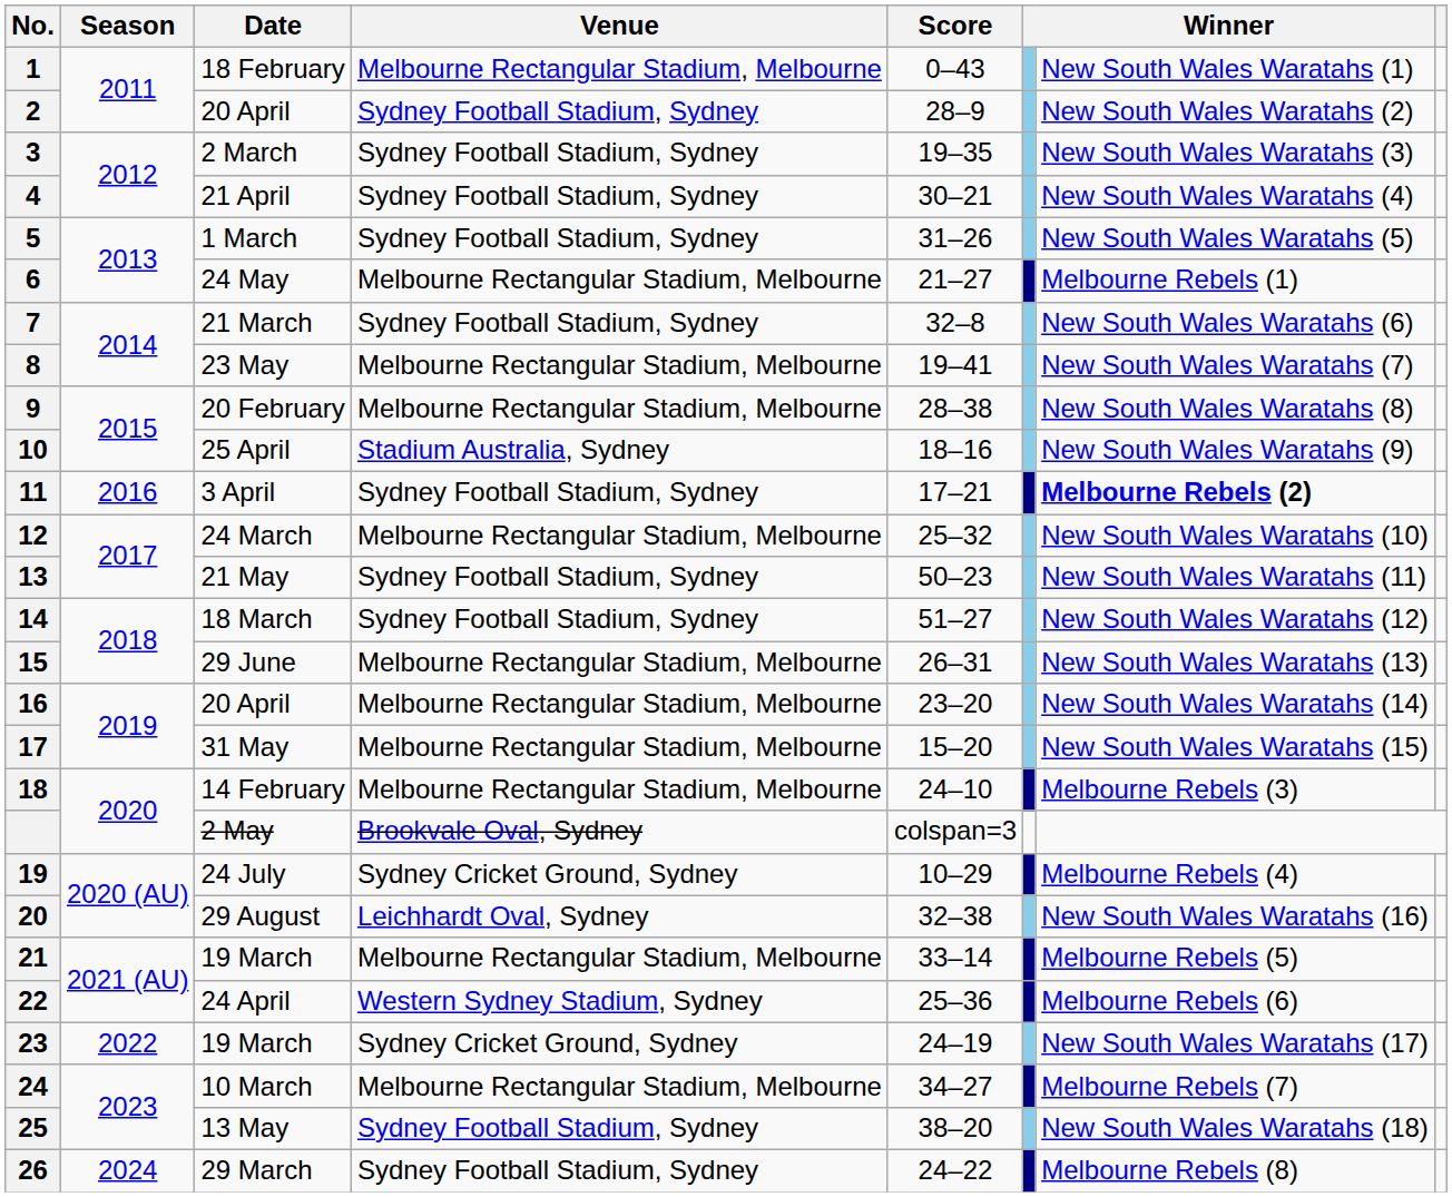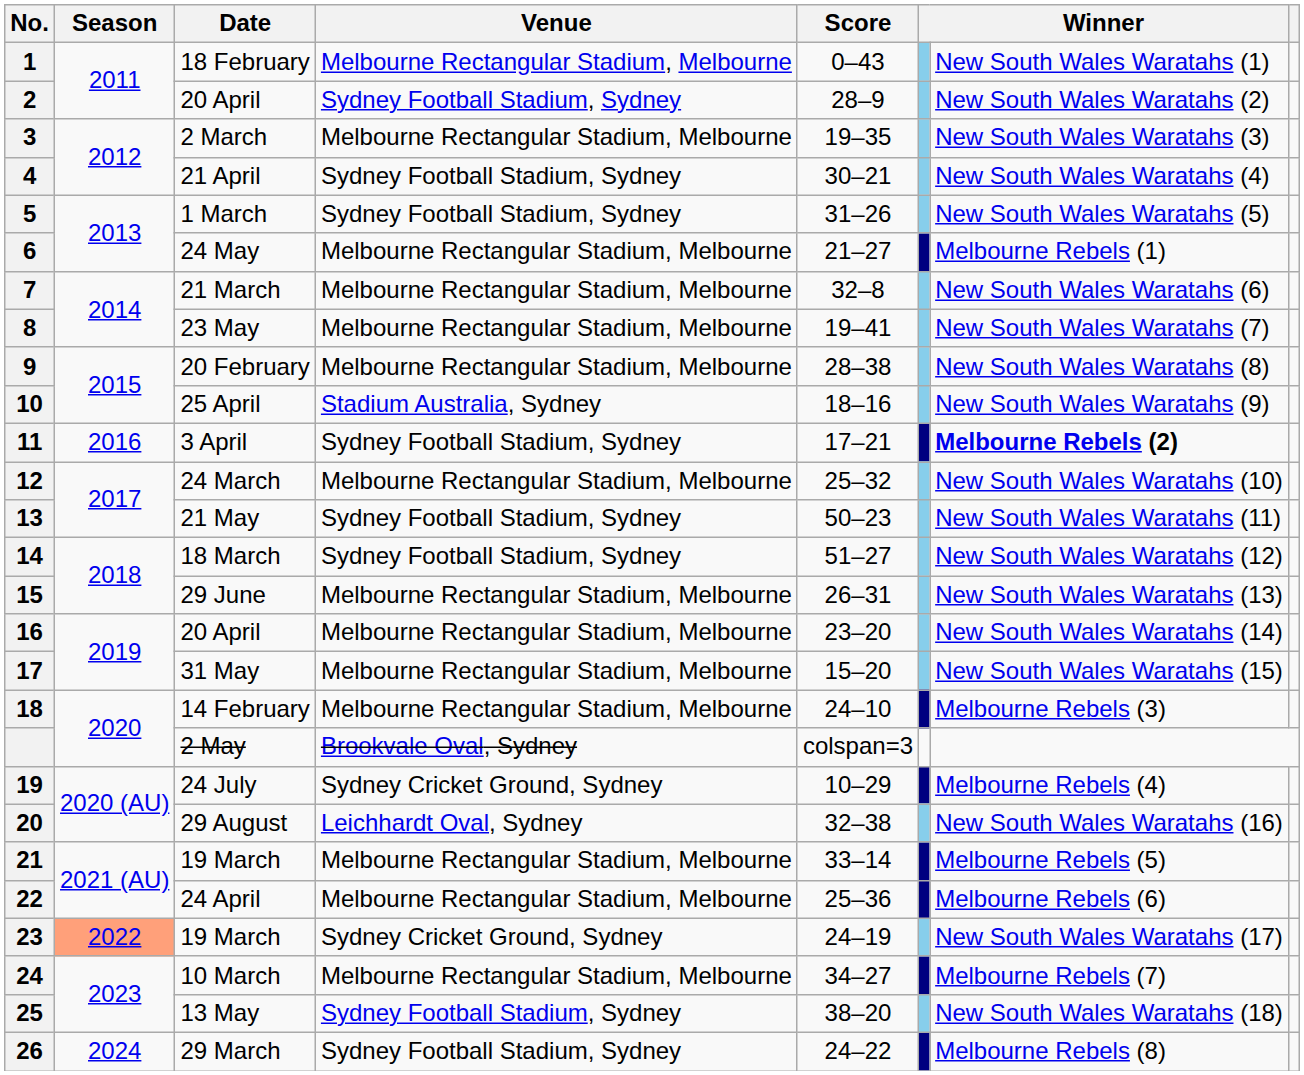 <table class="wikitable">
 <tr>
 <th>No.</th>
 <th>Season</th>
 <th>Date</th>
 <th>Venue</th>
 <th>Score</th>
 <th colspan=2>Winner</th>
 <th></th>
 </tr>
 <tr>
 <th>1</th>
 <td rowspan=2 align=center><a href='#'>2011</a></td>
 <td>18 February</td>
 <td><a href='#'>Melbourne Rectangular Stadium</a>, <a href='#'>Melbourne</a></td>
 <td align=center>0–43</td>
 <td bgcolor=#87CEEB></td>
 <td> <a href='#'>New South Wales Waratahs</a> (1)</td>
 <td align=center></td>
 </tr>
 <tr>
 <th>2</th>
 <td>20 April</td>
 <td><a href='#'>Sydney Football Stadium</a>, <a href='#'>Sydney</a></td>
 <td align=center>28–9</td>
 <td bgcolor=#87CEEB></td>
 <td> <a href='#'>New South Wales Waratahs</a> (2)</td>
 <td align=center></td>
 </tr>
 <tr>
 <th>3</th>
 <td rowspan=2 align=center><a href='#'>2012</a></td>
 <td>2 March</td>
-<td>Sydney Football Stadium, Sydney</td>
+<td>Melbourne Rectangular Stadium, Melbourne</td>
 <td align=center>19–35</td>
 <td bgcolor=#87CEEB></td>
 <td> <a href='#'>New South Wales Waratahs</a> (3)</td>
 <td align=center></td>
 </tr>
 <tr>
 <th>4</th>
 <td>21 April</td>
 <td>Sydney Football Stadium, Sydney</td>
 <td align=center>30–21</td>
 <td bgcolor=#87CEEB></td>
 <td> <a href='#'>New South Wales Waratahs</a> (4)</td>
 <td align=center></td>
 </tr>
 <tr>
 <th>5</th>
 <td rowspan=2 align=center><a href='#'>2013</a></td>
 <td>1 March</td>
 <td>Sydney Football Stadium, Sydney</td>
 <td align=center>31–26</td>
 <td bgcolor=#87CEEB></td>
 <td> <a href='#'>New South Wales Waratahs</a> (5)</td>
 <td align=center></td>
 </tr>
 <tr>
 <th>6</th>
 <td>24 May</td>
 <td>Melbourne Rectangular Stadium, Melbourne</td>
 <td align=center>21–27</td>
 <td bgcolor=#000080></td>
 <td> <a href='#'>Melbourne Rebels</a> (1)</td>
 <td align=center></td>
 </tr>
 <tr>
 <th>7</th>
 <td rowspan=2 align=center><a href='#'>2014</a></td>
 <td>21 March</td>
-<td>Sydney Football Stadium, Sydney</td>
+<td>Melbourne Rectangular Stadium, Melbourne</td>
 <td align=center>32–8</td>
 <td bgcolor=#87CEEB></td>
 <td> <a href='#'>New South Wales Waratahs</a> (6)</td>
 <td align=center></td>
 </tr>
 <tr>
 <th>8</th>
 <td>23 May</td>
 <td>Melbourne Rectangular Stadium, Melbourne</td>
 <td align=center>19–41</td>
 <td bgcolor=#87CEEB></td>
 <td> <a href='#'>New South Wales Waratahs</a> (7)</td>
 <td align=center></td>
 </tr>
 <tr>
 <th>9</th>
 <td rowspan=2 align=center><a href='#'>2015</a></td>
 <td>20 February</td>
 <td>Melbourne Rectangular Stadium, Melbourne</td>
 <td align=center>28–38</td>
 <td bgcolor=#87CEEB></td>
 <td> <a href='#'>New South Wales Waratahs</a> (8)</td>
 <td align=center></td>
 </tr>
 <tr>
 <th>10</th>
 <td>25 April</td>
 <td><a href='#'>Stadium Australia</a>, Sydney</td>
 <td align=center>18–16</td>
 <td bgcolor=#87CEEB></td>
 <td> <a href='#'>New South Wales Waratahs</a> (9)</td>
 <td align=center></td>
 </tr>
 <tr>
 <th>11</th>
 <td align=center><a href='#'>2016</a></td>
 <td>3 April</td>
 <td>Sydney Football Stadium, Sydney</td>
 <td align=center>17–21</td>
 <td bgcolor=#000080></td>
 <td><strong> <a href='#'>Melbourne Rebels</a> (2)</strong></td>
 <td align=center></td>
 </tr>
 <tr>
 <th>12</th>
 <td rowspan=2 align=center><a href='#'>2017</a></td>
 <td>24 March</td>
 <td>Melbourne Rectangular Stadium, Melbourne</td>
 <td align=center>25–32</td>
 <td bgcolor=#87CEEB></td>
 <td> <a href='#'>New South Wales Waratahs</a> (10)</td>
 <td align=center></td>
 </tr>
 <tr>
 <th>13</th>
 <td>21 May</td>
 <td>Sydney Football Stadium, Sydney</td>
 <td align=center>50–23</td>
 <td bgcolor=#87CEEB></td>
 <td> <a href='#'>New South Wales Waratahs</a> (11)</td>
 <td align=center></td>
 </tr>
 <tr>
 <th>14</th>
 <td rowspan=2 align=center><a href='#'>2018</a></td>
 <td>18 March</td>
 <td>Sydney Football Stadium, Sydney</td>
 <td align=center>51–27</td>
 <td bgcolor=#87CEEB></td>
 <td> <a href='#'>New South Wales Waratahs</a> (12)</td>
 <td align=center></td>
 </tr>
 <tr>
 <th>15</th>
 <td>29 June</td>
 <td>Melbourne Rectangular Stadium, Melbourne</td>
 <td align=center>26–31</td>
 <td bgcolor=#87CEEB></td>
 <td> <a href='#'>New South Wales Waratahs</a> (13)</td>
 <td align=center></td>
 </tr>
 <tr>
 <th>16</th>
 <td rowspan=2 align=center><a href='#'>2019</a></td>
 <td>20 April</td>
 <td>Melbourne Rectangular Stadium, Melbourne</td>
 <td align=center>23–20</td>
 <td bgcolor=#87CEEB></td>
 <td> <a href='#'>New South Wales Waratahs</a> (14)</td>
 <td align=center></td>
 </tr>
 <tr>
 <th>17</th>
 <td>31 May</td>
 <td>Melbourne Rectangular Stadium, Melbourne</td>
 <td align=center>15–20</td>
 <td bgcolor=#87CEEB></td>
 <td> <a href='#'>New South Wales Waratahs</a> (15)</td>
 <td align=center></td>
 </tr>
 <tr>
 <th>18</th>
 <td rowspan=2 align=center><a href='#'>2020</a></td>
 <td>14 February</td>
 <td>Melbourne Rectangular Stadium, Melbourne</td>
 <td align=center>24–10</td>
 <td bgcolor=#000080></td>
 <td> <a href='#'>Melbourne Rebels</a> (3)</td>
 <td align=center></td>
 </tr>
 <tr>
 <th></th>
 <td><s>2 May</s></td>
 <td><s><a href='#'>Brookvale Oval</a>, Sydney</s></td>
 <td>colspan=3 </td>
 <td align=center></td>
 </tr>
 <tr>
 <th>19</th>
 <td rowspan=2 align=center><a href='#'>2020 (AU)</a></td>
 <td>24 July</td>
 <td>Sydney Cricket Ground, Sydney</td>
 <td align=center>10–29</td>
 <td bgcolor=#000080></td>
 <td> <a href='#'>Melbourne Rebels</a> (4)</td>
 <td align=center></td>
 </tr>
 <tr>
 <th>20</th>
 <td>29 August</td>
 <td><a href='#'>Leichhardt Oval</a>, Sydney</td>
 <td align=center>32–38</td>
 <td bgcolor=#87CEEB></td>
 <td> <a href='#'>New South Wales Waratahs</a> (16)</td>
 <td align=center></td>
 </tr>
 <tr>
 <th>21</th>
 <td rowspan=2 align=center><a href='#'>2021 (AU)</a></td>
 <td>19 March</td>
 <td>Melbourne Rectangular Stadium, Melbourne</td>
 <td align=center>33–14</td>
 <td bgcolor=#000080></td>
 <td> <a href='#'>Melbourne Rebels</a> (5)</td>
 <td align=center></td>
 </tr>
 <tr>
 <th>22</th>
 <td>24 April</td>
-<td><a href='#'>Western Sydney Stadium</a>, Sydney</td>
+<td>Melbourne Rectangular Stadium, Melbourne</td>
 <td align=center>25–36</td>
 <td bgcolor=#000080></td>
 <td> <a href='#'>Melbourne Rebels</a> (6)</td>
 <td align=center></td>
 </tr>
 <tr>
 <th>23</th>
-<td align=center><a href='#'>2022</a></td>
+<td align=center style="background: lightsalmon;"><a href='#'>2022</a></td>
 <td>19 March</td>
 <td>Sydney Cricket Ground, Sydney</td>
 <td align=center>24–19</td>
 <td bgcolor=#87CEEB></td>
 <td> <a href='#'>New South Wales Waratahs</a> (17)</td>
 <td align=center></td>
 </tr>
 <tr>
 <th>24</th>
 <td rowspan=2 align=center><a href='#'>2023</a></td>
 <td>10 March</td>
 <td>Melbourne Rectangular Stadium, Melbourne</td>
 <td align=center>34–27</td>
 <td bgcolor=#000080></td>
 <td> <a href='#'>Melbourne Rebels</a> (7)</td>
 <td align=center></td>
 </tr>
 <tr>
 <th>25</th>
 <td>13 May</td>
 <td><a href='#'>Sydney Football Stadium</a>, Sydney</td>
 <td align=center>38–20</td>
 <td bgcolor=#87CEEB></td>
 <td> <a href='#'>New South Wales Waratahs</a> (18)</td>
 <td align=center></td>
 </tr>
 <tr>
 <th>26</th>
 <td align=center><a href='#'>2024</a></td>
 <td>29 March</td>
 <td>Sydney Football Stadium, Sydney</td>
 <td align=center>24–22</td>
 <td bgcolor=#000080></td>
 <td> <a href='#'>Melbourne Rebels</a> (8)</td>
 <td align=center></td>
 </tr>
 </table>
